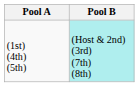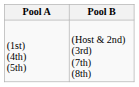 <table class="wikitable">
 <tr>
 <th width=45%>Pool A</th>
 <th width=45%>Pool B</th>
 </tr>
 <tr>
 <td><br> (1st)<br>  (4th)<br>  (5th)<br> </td>
-<td style="background: paleturquoise;"><br> (Host & 2nd)<br>  (3rd)<br>  (7th)<br>  (8th)</td>
+<td><br> (Host & 2nd)<br>  (3rd)<br>  (7th)<br>  (8th)</td>
 </tr>
 </table>
